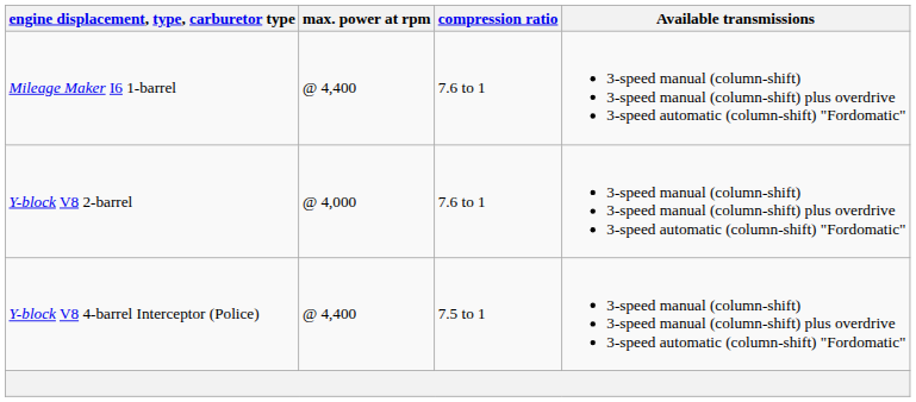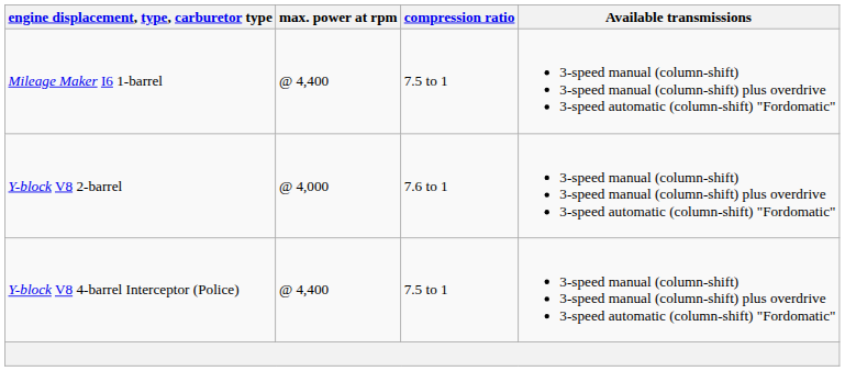 <table class="wikitable" style="font-size:95%;">
 <tr>
 <th><a href='#'>engine displacement</a>, <a href='#'>type</a>, <a href='#'>carburetor</a> type</th>
 <th>max. power at rpm</th>
 <th><a href='#'>compression ratio</a></th>
 <th>Available transmissions</th>
 </tr>
 <tr>
 <td> <em><a href='#'>Mileage Maker</a></em> <a href='#'>I6</a> 1-barrel</td>
 <td> @ 4,400</td>
-<td>7.6 to 1</td>
+<td>7.5 to 1</td>
 <td><br><ul><li>3-speed manual (column-shift)</li><li>3-speed manual (column-shift) plus overdrive</li><li>3-speed automatic (column-shift) "Fordomatic"</li></ul></td>
 </tr>
 <tr>
 <td> <em><a href='#'>Y-block</a></em> <a href='#'>V8</a> 2-barrel</td>
 <td> @ 4,000</td>
 <td>7.6 to 1</td>
 <td><br><ul><li>3-speed manual (column-shift)</li><li>3-speed manual (column-shift) plus overdrive</li><li>3-speed automatic (column-shift) "Fordomatic"</li></ul></td>
 </tr>
 <tr>
 <td> <em><a href='#'>Y-block</a></em> <a href='#'>V8</a> 4-barrel Interceptor (Police)</td>
 <td> @ 4,400</td>
 <td>7.5 to 1</td>
 <td><br><ul><li>3-speed manual (column-shift)</li><li>3-speed manual (column-shift) plus overdrive</li><li>3-speed automatic (column-shift) "Fordomatic"</li></ul></td>
 </tr>
 <tr>
 <th colspan="4"><br> </th>
 </tr>
 </table>
